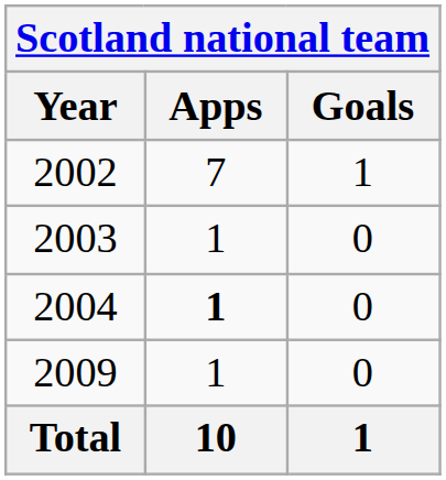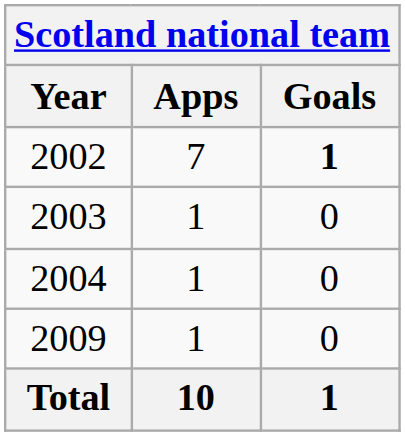 <table class="wikitable" style="text-align:center">
 <tr>
 <th colspan=3><a href='#'>Scotland national team</a></th>
 </tr>
 <tr>
 <th>Year</th>
 <th>Apps</th>
 <th>Goals</th>
 </tr>
 <tr>
 <td>2002</td>
 <td>7</td>
-<td>1</td>
+<td><strong>1</strong></td>
 </tr>
 <tr>
 <td>2003</td>
 <td>1</td>
 <td>0</td>
 </tr>
 <tr>
 <td>2004</td>
-<td><strong>1</strong></td>
+<td>1</td>
 <td>0</td>
 </tr>
 <tr>
 <td>2009</td>
 <td>1</td>
 <td>0</td>
 </tr>
 <tr>
 <th>Total</th>
 <th>10</th>
 <th>1</th>
 </tr>
 </table>
